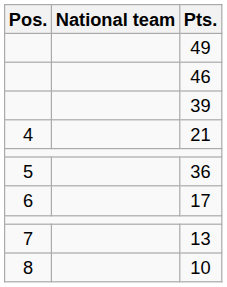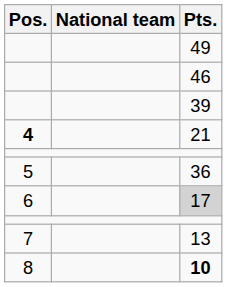 <table class=wikitable style="font-size: 95%">
 <tr>
 <th>Pos.</th>
 <th>National team</th>
 <th>Pts.</th>
 </tr>
 <tr align=center>
 <td></td>
 <td align=left></td>
 <td>49</td>
 </tr>
 <tr align=center>
 <td></td>
 <td align=left></td>
 <td>46</td>
 </tr>
 <tr align=center>
 <td></td>
 <td align=left></td>
 <td>39</td>
 </tr>
 <tr align=center>
-<td>4</td>
+<td><strong>4</strong></td>
 <td align=left></td>
 <td>21</td>
 </tr>
 <tr>
 <td colspan=3 ></td>
 </tr>
 <tr align=center>
 <td>5</td>
 <td align=left></td>
 <td>36</td>
 </tr>
 <tr align=center>
 <td>6</td>
 <td align=left></td>
-<td>17</td>
+<td style="background: lightgrey;">17</td>
 </tr>
 <tr>
 <td colspan=3 ></td>
 </tr>
 <tr align=center>
 <td>7</td>
 <td align=left></td>
 <td>13</td>
 </tr>
 <tr align=center>
 <td>8</td>
 <td align=left></td>
-<td>10</td>
+<td><strong>10</strong></td>
 </tr>
 </table>
